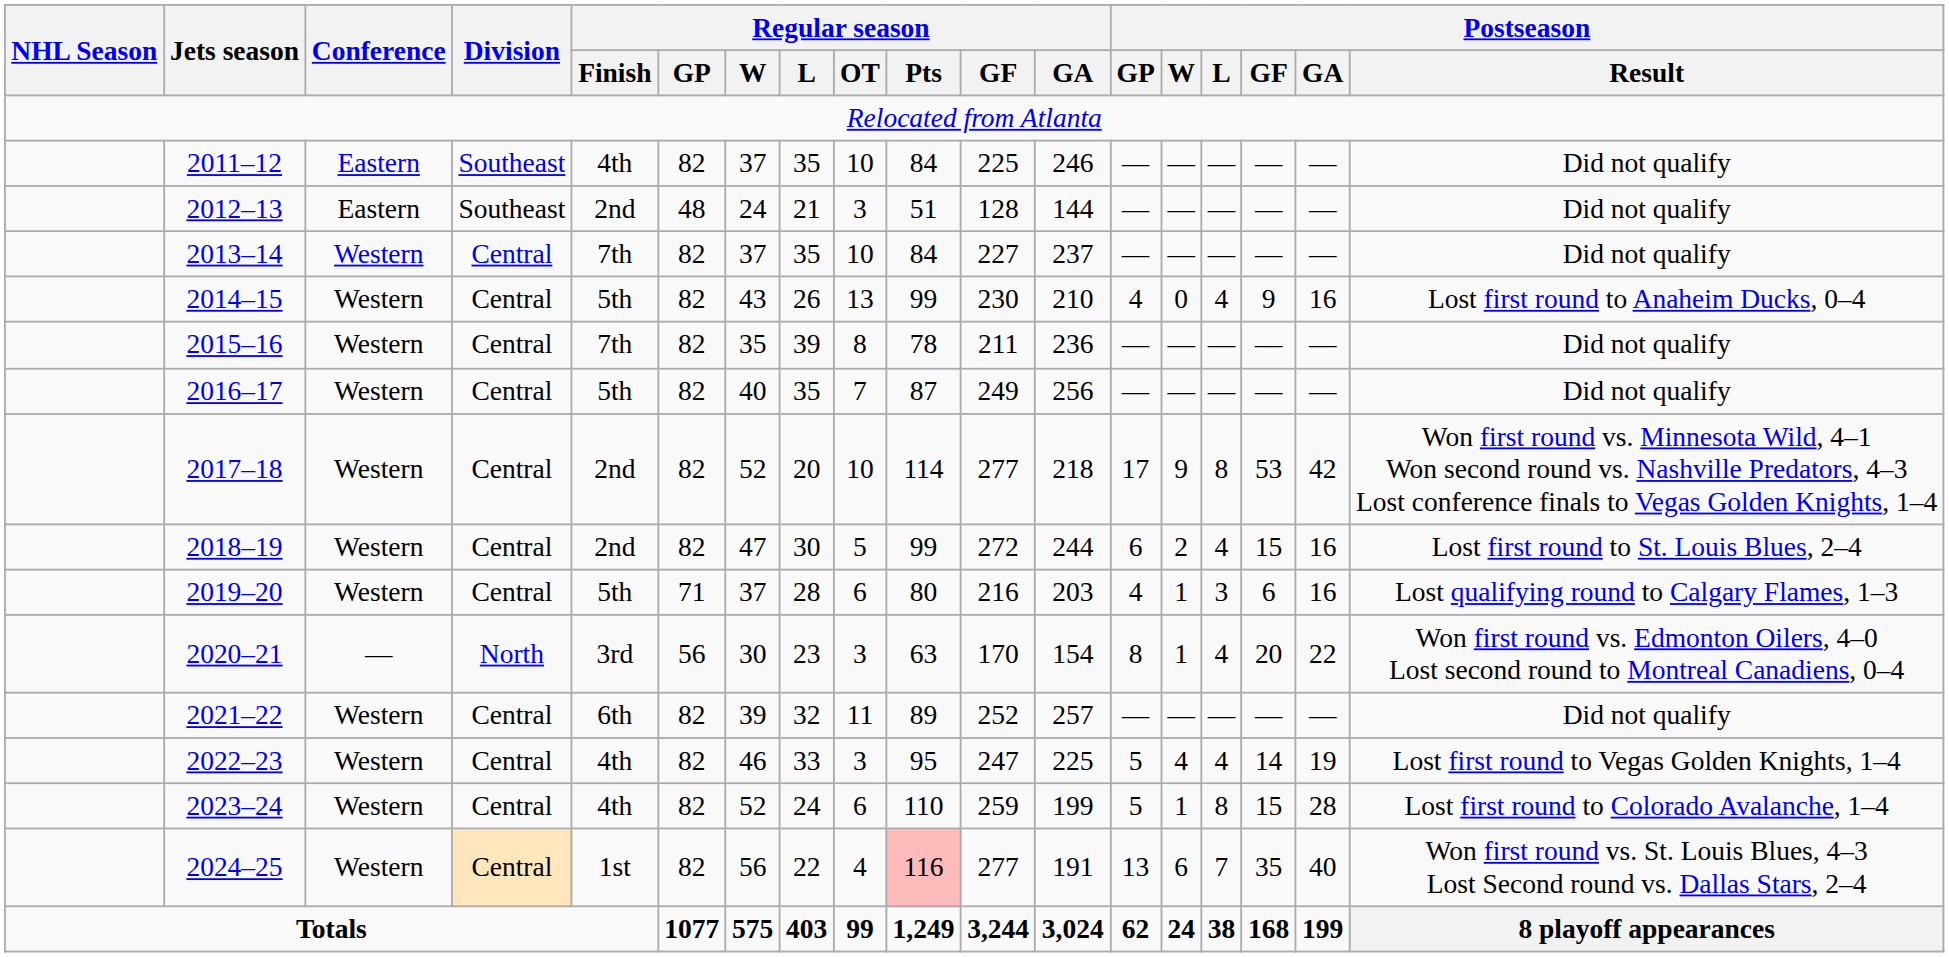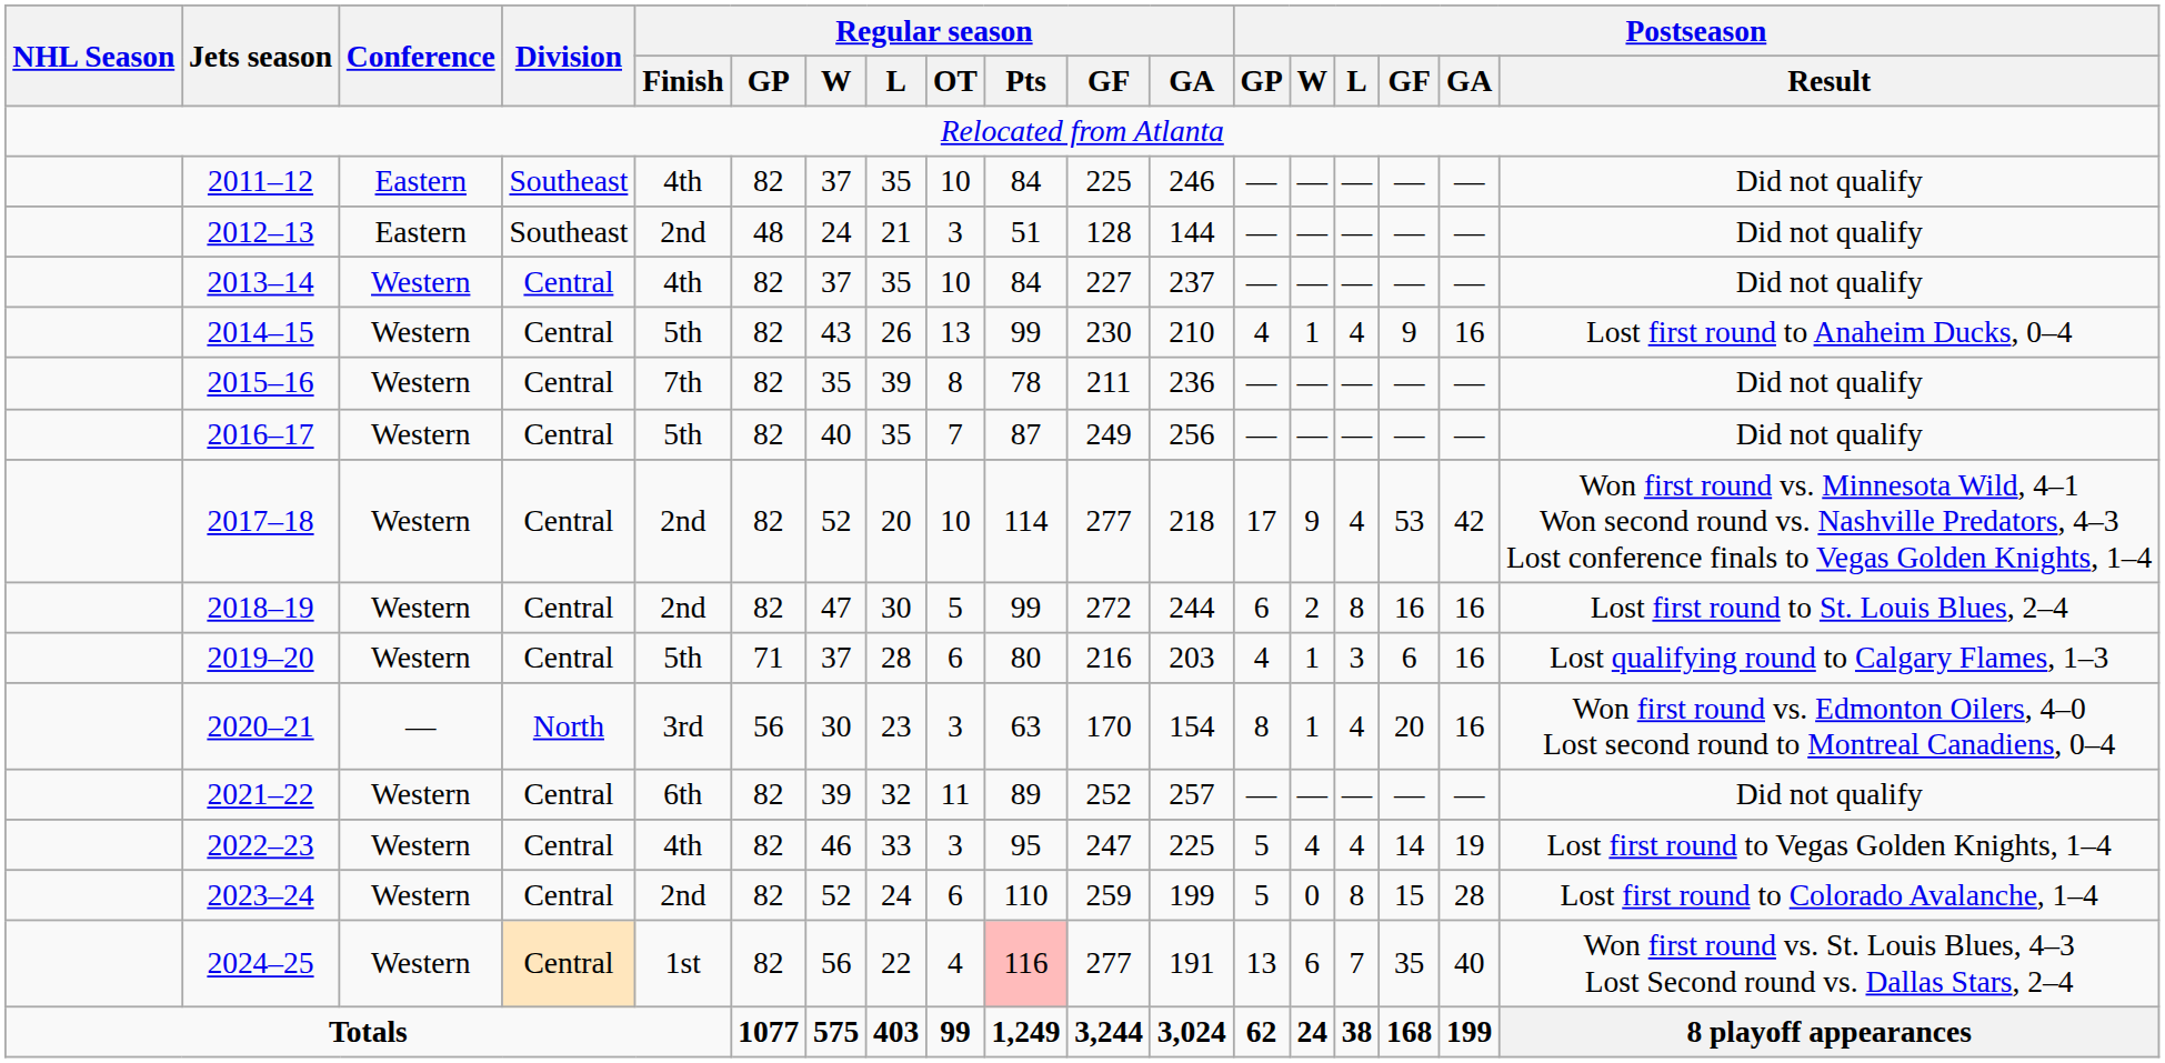 <table class="wikitable" style="text-align: center; font-size: 95%">
 <tr>
 <th scope="col" rowspan="2"><a href='#'>NHL Season</a></th>
 <th scope="col" rowspan="2">Jets season</th>
 <th scope="col" rowspan="2"><a href='#'>Conference</a></th>
 <th scope="col" rowspan="2"><a href='#'>Division</a></th>
 <th colspan="8"><a href='#'>Regular season</a></th>
 <th colspan="6"><a href='#'>Postseason</a></th>
 </tr>
 <tr>
 <th scope="col">Finish</th>
 <th scope="col">GP</th>
 <th scope="col">W</th>
 <th scope="col">L</th>
 <th scope="col">OT</th>
 <th scope="col">Pts</th>
 <th scope="col">GF</th>
 <th scope="col">GA</th>
 <th scope="col">GP</th>
 <th scope="col">W</th>
 <th scope="col">L</th>
 <th scope="col">GF</th>
 <th scope="col">GA</th>
 <th scope="col">Result</th>
 </tr>
 <tr>
 <td colspan="19" align="center"><em><a href='#'>Relocated from Atlanta</a></em></td>
 </tr>
 <tr>
 <td></td>
 <td><a href='#'>2011–12</a></td>
 <td><a href='#'>Eastern</a></td>
 <td><a href='#'>Southeast</a></td>
 <td>4th</td>
 <td>82</td>
 <td>37</td>
 <td>35</td>
 <td>10</td>
 <td>84</td>
 <td>225</td>
 <td>246</td>
 <td>—</td>
 <td>—</td>
 <td>—</td>
 <td>—</td>
 <td>—</td>
 <td>Did not qualify</td>
 </tr>
 <tr>
 <td></td>
 <td><a href='#'>2012–13</a></td>
 <td>Eastern</td>
 <td>Southeast</td>
 <td>2nd</td>
 <td>48</td>
 <td>24</td>
 <td>21</td>
 <td>3</td>
 <td>51</td>
 <td>128</td>
 <td>144</td>
 <td>—</td>
 <td>—</td>
 <td>—</td>
 <td>—</td>
 <td>—</td>
 <td>Did not qualify</td>
 </tr>
 <tr>
 <td></td>
 <td><a href='#'>2013–14</a></td>
 <td><a href='#'>Western</a></td>
 <td><a href='#'>Central</a></td>
-<td>7th</td>
+<td>4th</td>
 <td>82</td>
 <td>37</td>
 <td>35</td>
 <td>10</td>
 <td>84</td>
 <td>227</td>
 <td>237</td>
 <td>—</td>
 <td>—</td>
 <td>—</td>
 <td>—</td>
 <td>—</td>
 <td>Did not qualify</td>
 </tr>
 <tr>
 <td></td>
 <td><a href='#'>2014–15</a></td>
 <td>Western</td>
 <td>Central</td>
 <td>5th</td>
 <td>82</td>
 <td>43</td>
 <td>26</td>
 <td>13</td>
 <td>99</td>
 <td>230</td>
 <td>210</td>
 <td>4</td>
-<td>0</td>
+<td>1</td>
 <td>4</td>
 <td>9</td>
 <td>16</td>
 <td>Lost <a href='#'>first round</a> to <a href='#'>Anaheim Ducks</a>, 0–4</td>
 </tr>
 <tr>
 <td></td>
 <td><a href='#'>2015–16</a></td>
 <td>Western</td>
 <td>Central</td>
 <td>7th</td>
 <td>82</td>
 <td>35</td>
 <td>39</td>
 <td>8</td>
 <td>78</td>
 <td>211</td>
 <td>236</td>
 <td>—</td>
 <td>—</td>
 <td>—</td>
 <td>—</td>
 <td>—</td>
 <td>Did not qualify</td>
 </tr>
 <tr>
 <td></td>
 <td><a href='#'>2016–17</a></td>
 <td>Western</td>
 <td>Central</td>
 <td>5th</td>
 <td>82</td>
 <td>40</td>
 <td>35</td>
 <td>7</td>
 <td>87</td>
 <td>249</td>
 <td>256</td>
 <td>—</td>
 <td>—</td>
 <td>—</td>
 <td>—</td>
 <td>—</td>
 <td>Did not qualify</td>
 </tr>
 <tr>
 <td></td>
 <td><a href='#'>2017–18</a></td>
 <td>Western</td>
 <td>Central</td>
 <td>2nd</td>
 <td>82</td>
 <td>52</td>
 <td>20</td>
 <td>10</td>
 <td>114</td>
 <td>277</td>
 <td>218</td>
 <td>17</td>
 <td>9</td>
-<td>8</td>
+<td>4</td>
 <td>53</td>
 <td>42</td>
 <td>Won <a href='#'>first round</a> vs. <a href='#'>Minnesota Wild</a>, 4–1<br>Won second round vs. <a href='#'>Nashville Predators</a>, 4–3<br>Lost conference finals to <a href='#'>Vegas Golden Knights</a>, 1–4</td>
 </tr>
 <tr>
 <td></td>
 <td><a href='#'>2018–19</a></td>
 <td>Western</td>
 <td>Central</td>
 <td>2nd</td>
 <td>82</td>
 <td>47</td>
 <td>30</td>
 <td>5</td>
 <td>99</td>
 <td>272</td>
 <td>244</td>
 <td>6</td>
 <td>2</td>
-<td>4</td>
-<td>15</td>
+<td>8</td>
+<td>16</td>
 <td>16</td>
 <td>Lost <a href='#'>first round</a> to <a href='#'>St. Louis Blues</a>, 2–4</td>
 </tr>
 <tr>
 <td> </td>
 <td><a href='#'>2019–20</a></td>
 <td>Western</td>
 <td>Central</td>
 <td>5th</td>
 <td>71</td>
 <td>37</td>
 <td>28</td>
 <td>6</td>
 <td>80</td>
 <td>216</td>
 <td>203</td>
 <td>4</td>
 <td>1</td>
 <td>3</td>
 <td>6</td>
 <td>16</td>
 <td>Lost <a href='#'>qualifying round</a> to <a href='#'>Calgary Flames</a>, 1–3</td>
 </tr>
 <tr>
 <td> </td>
 <td><a href='#'>2020–21</a></td>
 <td>—</td>
 <td><a href='#'>North</a></td>
 <td>3rd</td>
 <td>56</td>
 <td>30</td>
 <td>23</td>
 <td>3</td>
 <td>63</td>
 <td>170</td>
 <td>154</td>
 <td>8</td>
 <td>1</td>
 <td>4</td>
 <td>20</td>
-<td>22</td>
+<td>16</td>
 <td>Won <a href='#'>first round</a> vs. <a href='#'>Edmonton Oilers</a>, 4–0<br>Lost second round to <a href='#'>Montreal Canadiens</a>, 0–4</td>
 </tr>
 <tr>
 <td></td>
 <td><a href='#'>2021–22</a></td>
 <td>Western</td>
 <td>Central</td>
 <td>6th</td>
 <td>82</td>
 <td>39</td>
 <td>32</td>
 <td>11</td>
 <td>89</td>
 <td>252</td>
 <td>257</td>
 <td>—</td>
 <td>—</td>
 <td>—</td>
 <td>—</td>
 <td>—</td>
 <td>Did not qualify</td>
 </tr>
 <tr>
 <td></td>
 <td><a href='#'>2022–23</a></td>
 <td>Western</td>
 <td>Central</td>
 <td>4th</td>
 <td>82</td>
 <td>46</td>
 <td>33</td>
 <td>3</td>
 <td>95</td>
 <td>247</td>
 <td>225</td>
 <td>5</td>
 <td>4</td>
 <td>4</td>
 <td>14</td>
 <td>19</td>
 <td>Lost <a href='#'>first round</a> to Vegas Golden Knights, 1–4</td>
 </tr>
 <tr>
 <td></td>
 <td><a href='#'>2023–24</a></td>
 <td>Western</td>
 <td>Central</td>
-<td>4th</td>
+<td>2nd</td>
 <td>82</td>
 <td>52</td>
 <td>24</td>
 <td>6</td>
 <td>110</td>
 <td>259</td>
 <td>199</td>
 <td>5</td>
-<td>1</td>
+<td>0</td>
 <td>8</td>
 <td>15</td>
 <td>28</td>
 <td>Lost <a href='#'>first round</a> to <a href='#'>Colorado Avalanche</a>, 1–4</td>
 </tr>
 <tr>
 <td></td>
 <td><a href='#'>2024–25</a></td>
 <td>Western</td>
 <td style="background: #FFE6BD;">Central</td>
 <td>1st</td>
 <td>82</td>
 <td>56</td>
 <td>22</td>
 <td>4</td>
 <td style="background: #FFBBBB;">116</td>
 <td>277</td>
 <td>191</td>
 <td>13</td>
 <td>6</td>
 <td>7</td>
 <td>35</td>
 <td>40</td>
 <td>Won <a href='#'>first round</a> vs. St. Louis Blues, 4–3<br>Lost Second round vs. <a href='#'>Dallas Stars</a>, 2–4</td>
 </tr>
 <tr style="font-weight:bold;">
 <td colspan="5">Totals</td>
 <td>1077</td>
 <td>575</td>
 <td>403</td>
 <td>99</td>
 <td>1,249</td>
 <td>3,244</td>
 <td>3,024</td>
 <td>62</td>
 <td>24</td>
 <td>38</td>
 <td>168</td>
 <td>199</td>
 <th>8 playoff appearances</th>
 </tr>
 </table>
